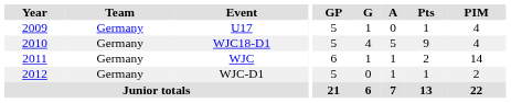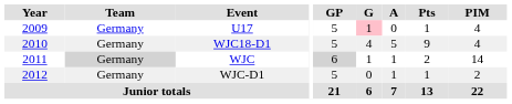 <table border="0" cellpadding="1" cellspacing="0" ID="Table3" style="text-align:center; width:40em">
 <tr ALIGN="center" bgcolor="#e0e0e0">
 <th>Year</th>
 <th>Team</th>
 <th>Event</th>
 <th rowspan="99" bgcolor="#ffffff"></th>
 <th>GP</th>
 <th>G</th>
 <th>A</th>
 <th>Pts</th>
 <th>PIM</th>
 </tr>
 <tr ALIGN="center">
 <td><a href='#'>2009</a></td>
 <td><a href='#'>Germany</a></td>
 <td><a href='#'>U17</a></td>
 <td>5</td>
-<td>1</td>
+<td style="background: pink;">1</td>
 <td>0</td>
 <td>1</td>
 <td>4</td>
 </tr>
 <tr ALIGN="center" bgcolor="#f0f0f0">
 <td><a href='#'>2010</a></td>
 <td>Germany</td>
 <td><a href='#'>WJC18-D1</a></td>
 <td>5</td>
 <td>4</td>
 <td>5</td>
 <td>9</td>
 <td>4</td>
 </tr>
 <tr ALIGN="center">
 <td><a href='#'>2011</a></td>
-<td>Germany</td>
+<td style="background: lightgrey;">Germany</td>
 <td><a href='#'>WJC</a></td>
-<td>6</td>
+<td style="background: lightgrey;">6</td>
 <td>1</td>
 <td>1</td>
 <td>2</td>
 <td>14</td>
 </tr>
 <tr ALIGN="center"  bgcolor="#f0f0f0">
 <td><a href='#'>2012</a></td>
 <td>Germany</td>
 <td>WJC-D1</td>
 <td>5</td>
 <td>0</td>
 <td>1</td>
 <td>1</td>
 <td>2</td>
 </tr>
 <tr bgcolor="#e0e0e0">
 <th colspan="3">Junior totals</th>
 <th>21</th>
 <th>6</th>
 <th>7</th>
 <th>13</th>
 <th>22</th>
 </tr>
 </table>
